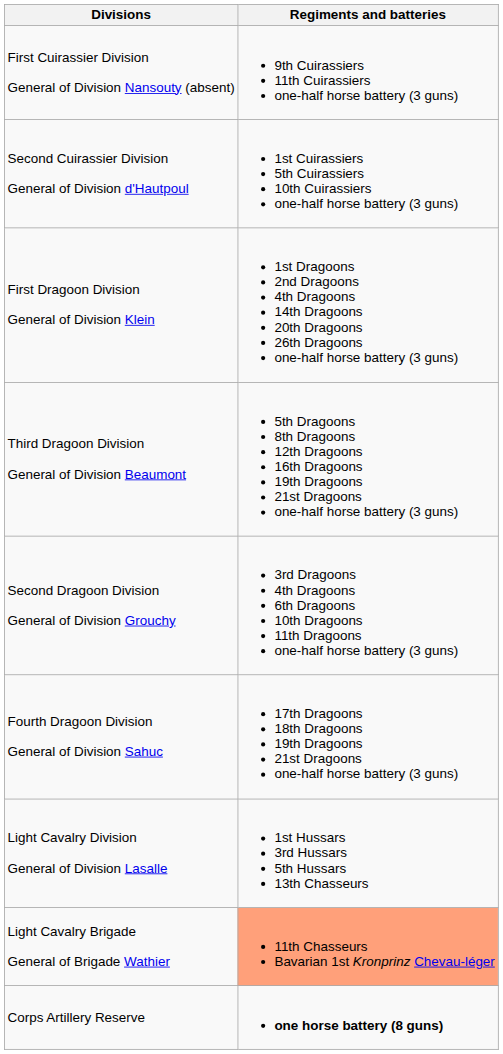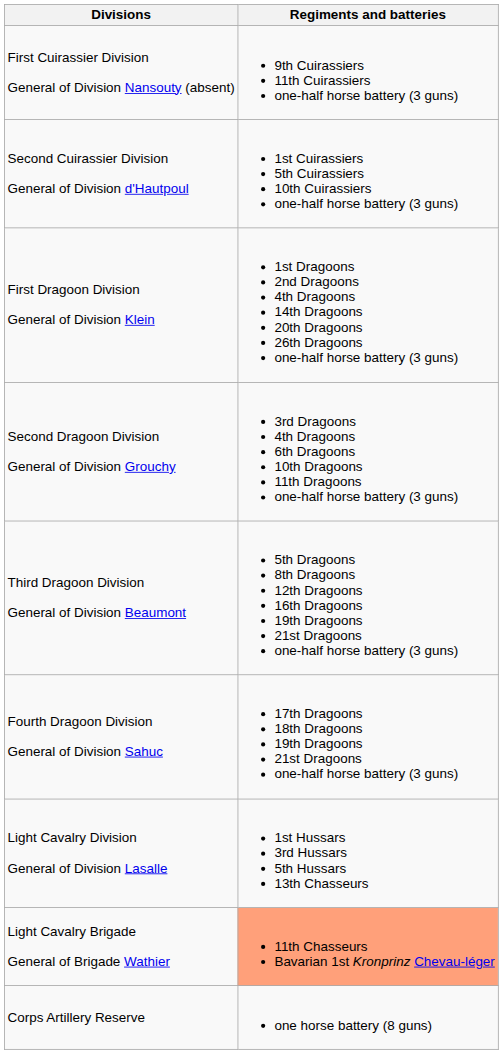 <table class="wikitable">
 <tr>
 <th><strong>Divisions</strong></th>
 <th><strong>Regiments and batteries</strong></th>
 </tr>
 <tr>
 <td>First Cuirassier Division<br><br> General of Division <a href='#'>Nansouty</a> (absent)</td>
 <td><br><ul><li>9th Cuirassiers</li><li>11th Cuirassiers</li><li>one-half horse battery (3 guns)</li></ul></td>
 </tr>
 <tr>
 <td>Second Cuirassier Division<br><br> General of Division <a href='#'>d'Hautpoul</a></td>
 <td><br><ul><li>1st Cuirassiers</li><li>5th Cuirassiers</li><li>10th Cuirassiers</li><li>one-half horse battery (3 guns)</li></ul></td>
 </tr>
 <tr>
 <td>First Dragoon Division<br><br> General of Division <a href='#'>Klein</a></td>
 <td><br><ul><li>1st Dragoons</li><li>2nd Dragoons</li><li>4th Dragoons</li><li>14th Dragoons</li><li>20th Dragoons</li><li>26th Dragoons</li><li>one-half horse battery (3 guns)</li></ul></td>
 </tr>
 <tr>
+<td>Second Dragoon Division<br><br> General of Division <a href='#'>Grouchy</a></td>
+<td><br><ul><li>3rd Dragoons</li><li>4th Dragoons</li><li>6th Dragoons</li><li>10th Dragoons</li><li>11th Dragoons</li><li>one-half horse battery (3 guns)</li></ul></td>
+</tr>
+<tr>
 <td>Third Dragoon Division<br><br> General of Division <a href='#'>Beaumont</a></td>
 <td><br><ul><li>5th Dragoons</li><li>8th Dragoons</li><li>12th Dragoons</li><li>16th Dragoons</li><li>19th Dragoons</li><li>21st Dragoons</li><li>one-half horse battery (3 guns)</li></ul></td>
-</tr>
-<tr>
-<td>Second Dragoon Division<br><br> General of Division <a href='#'>Grouchy</a></td>
-<td><br><ul><li>3rd Dragoons</li><li>4th Dragoons</li><li>6th Dragoons</li><li>10th Dragoons</li><li>11th Dragoons</li><li>one-half horse battery (3 guns)</li></ul></td>
 </tr>
 <tr>
 <td>Fourth Dragoon Division<br><br> General of Division <a href='#'>Sahuc</a></td>
 <td><br><ul><li>17th Dragoons</li><li>18th Dragoons</li><li>19th Dragoons</li><li>21st Dragoons</li><li>one-half horse battery (3 guns)</li></ul></td>
 </tr>
 <tr>
 <td>Light Cavalry Division<br><br> General of Division <a href='#'>Lasalle</a></td>
 <td><br><ul><li>1st Hussars</li><li>3rd Hussars</li><li>5th Hussars</li><li>13th Chasseurs</li></ul></td>
 </tr>
 <tr>
 <td>Light Cavalry Brigade<br><br> General of Brigade <a href='#'>Wathier</a></td>
 <td style="background: lightsalmon;"><br><ul><li>11th Chasseurs</li><li>Bavarian 1st <em>Kronprinz</em> <a href='#'>Chevau-léger</a></li></ul></td>
 </tr>
 <tr>
 <td>Corps Artillery Reserve</td>
-<td><strong><br><ul><li>one horse battery (8 guns)</li></ul></strong></td>
+<td><br><ul><li>one horse battery (8 guns)</li></ul></td>
 </tr>
 </table>
